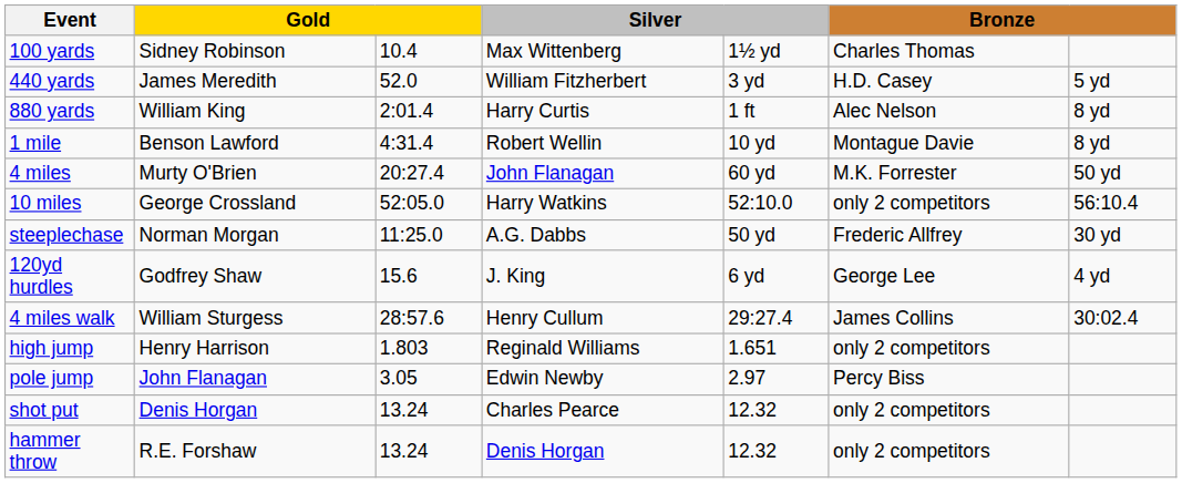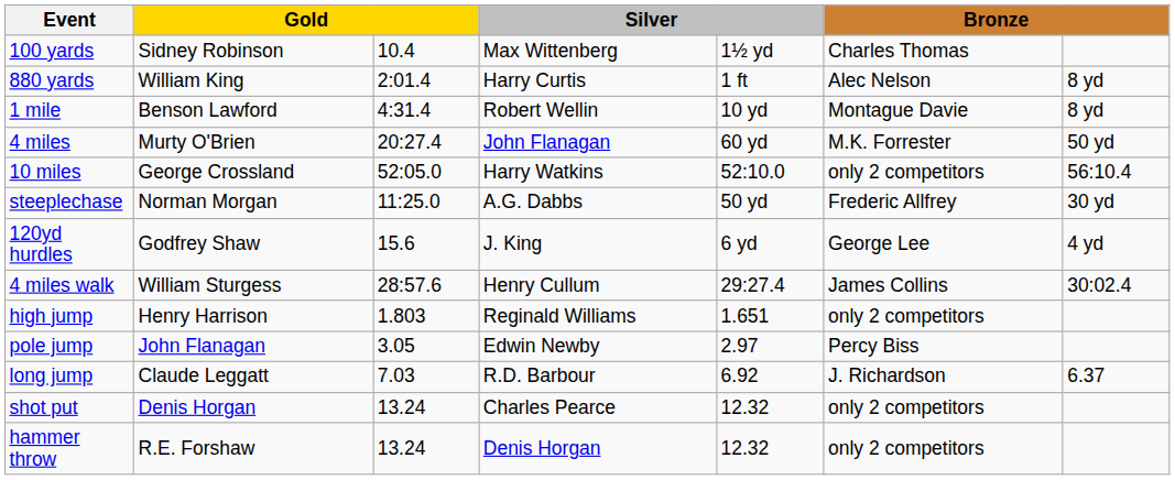 <table class="wikitable" style="text-align:left">
 <tr>
 <th width=100>Event</th>
 <th colspan="2" width="280" style="background:gold;">Gold</th>
 <th colspan="2" width="280" style="background:silver;">Silver</th>
 <th colspan="2" width="280" style="background:#CD7F32;">Bronze</th>
 </tr>
 <tr>
 <td><a href='#'>100 yards</a></td>
 <td>Sidney Robinson</td>
 <td>10.4</td>
 <td>Max Wittenberg</td>
 <td>1½ yd</td>
 <td>Charles Thomas</td>
 <td></td>
-</tr>
-<tr>
-<td><a href='#'>440 yards</a></td>
-<td> James Meredith</td>
-<td>52.0</td>
-<td>William Fitzherbert</td>
-<td>3 yd</td>
-<td>H.D. Casey</td>
-<td>5 yd</td>
 </tr>
 <tr>
 <td><a href='#'>880 yards</a></td>
 <td>William King</td>
 <td>2:01.4</td>
 <td>Harry Curtis</td>
 <td>1 ft</td>
 <td>Alec Nelson</td>
 <td>8 yd</td>
 </tr>
 <tr>
 <td><a href='#'>1 mile</a></td>
 <td>Benson Lawford</td>
 <td>4:31.4</td>
 <td>Robert Wellin</td>
 <td>10 yd</td>
 <td>Montague Davie</td>
 <td>8 yd</td>
 </tr>
 <tr>
 <td><a href='#'>4 miles</a></td>
 <td> Murty O'Brien</td>
 <td>20:27.4</td>
 <td> <a href='#'>John Flanagan</a></td>
 <td>60 yd</td>
 <td>M.K. Forrester</td>
 <td>50 yd</td>
 </tr>
 <tr>
 <td><a href='#'>10 miles</a></td>
 <td>George Crossland</td>
 <td>52:05.0</td>
 <td>Harry Watkins</td>
 <td>52:10.0</td>
 <td>only 2 competitors</td>
 <td>56:10.4</td>
 </tr>
 <tr>
 <td><a href='#'>steeplechase</a></td>
 <td> Norman Morgan</td>
 <td>11:25.0</td>
 <td>A.G. Dabbs</td>
 <td>50 yd</td>
 <td>Frederic Allfrey</td>
 <td>30 yd</td>
 </tr>
 <tr>
 <td><a href='#'>120yd hurdles</a></td>
 <td>Godfrey Shaw</td>
 <td>15.6</td>
 <td>J. King</td>
 <td>6 yd</td>
 <td>George Lee</td>
 <td>4 yd</td>
 </tr>
 <tr>
 <td><a href='#'>4 miles walk</a></td>
 <td>William Sturgess</td>
 <td>28:57.6</td>
 <td>Henry Cullum</td>
 <td>29:27.4</td>
 <td>James Collins</td>
 <td>30:02.4</td>
 </tr>
 <tr>
 <td><a href='#'>high jump</a></td>
 <td>Henry Harrison</td>
 <td>1.803</td>
 <td>Reginald Williams</td>
 <td>1.651</td>
 <td>only 2 competitors</td>
 <td></td>
 </tr>
 <tr>
 <td><a href='#'>pole jump</a></td>
 <td> <a href='#'>John Flanagan</a></td>
 <td>3.05</td>
 <td>Edwin Newby</td>
 <td>2.97</td>
 <td>Percy Biss</td>
 <td></td>
 </tr>
 <tr>
+<td><a href='#'>long jump</a></td>
+<td>Claude Leggatt</td>
+<td>7.03</td>
+<td> R.D. Barbour</td>
+<td>6.92</td>
+<td>J. Richardson</td>
+<td>6.37</td>
+</tr>
+<tr>
 <td><a href='#'>shot put</a></td>
 <td> <a href='#'>Denis Horgan</a></td>
 <td>13.24</td>
 <td>Charles Pearce</td>
 <td>12.32</td>
 <td>only 2 competitors</td>
 <td></td>
 </tr>
 <tr>
 <td><a href='#'>hammer throw</a></td>
 <td>R.E. Forshaw</td>
 <td>13.24</td>
 <td> <a href='#'>Denis Horgan</a></td>
 <td>12.32</td>
 <td>only 2 competitors</td>
 <td></td>
 </tr>
 </table>
